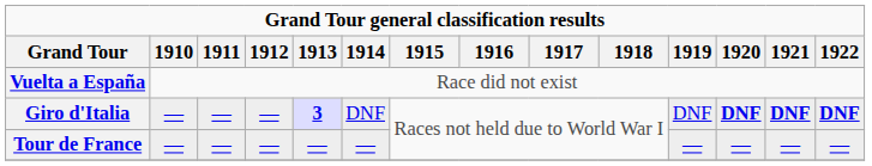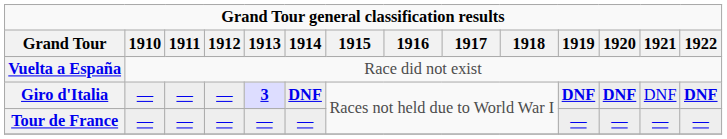 <table class="wikitable plainrowheaders">
 <tr>
 <td colspan=19 align="center"><strong>Grand Tour general classification results</strong></td>
 </tr>
 <tr>
 <th scope="col">Grand Tour</th>
 <th scope="col">1910</th>
 <th scope="col">1911</th>
 <th scope="col">1912</th>
 <th scope="col">1913</th>
 <th scope="col">1914</th>
 <th scope="col">1915</th>
 <th scope="col">1916</th>
 <th scope="col">1917</th>
 <th scope="col">1918</th>
 <th scope="col">1919</th>
 <th scope="col">1920</th>
 <th scope="col">1921</th>
 <th scope="col">1922</th>
 </tr>
 <tr style="text-align:center;">
 <th scope="row"> <a href='#'>Vuelta a España</a></th>
 <td style="color:#4d4d4d;" colspan=13>Race did not exist</td>
 </tr>
 <tr style="text-align:center;">
 <th scope="row"> <a href='#'>Giro d'Italia</a></th>
 <td style="background:#eee;"><a href='#'>—</a></td>
 <td style="background:#eee;"><a href='#'>—</a></td>
 <td style="background:#eee;"><a href='#'>—</a></td>
 <td style="background:#ddf;"><a href='#'><strong>3</strong></a></td>
-<td style="background:#eee;"><a href='#'>DNF</a></td>
+<td style="background:#eee;"><strong><a href='#'>DNF</a></strong></td>
 <td style="color:#4d4d4d;" colspan=4 rowspan=2>Races not held due to World War I</td>
-<td style="background:#eee;"><a href='#'>DNF</a></td>
 <td style="background:#eee;"><strong><a href='#'>DNF</a></strong></td>
 <td style="background:#eee;"><strong><a href='#'>DNF</a></strong></td>
+<td style="background:#eee;"><a href='#'>DNF</a></td>
 <td style="background:#eee;"><strong><a href='#'>DNF</a></strong></td>
 </tr>
 <tr style="text-align:center;">
 <th scope="row"> <a href='#'>Tour de France</a></th>
 <td style="background:#eee;"><a href='#'>—</a></td>
 <td style="background:#eee;"><a href='#'>—</a></td>
 <td style="background:#eee;"><a href='#'>—</a></td>
 <td style="background:#eee;"><a href='#'>—</a></td>
 <td style="background:#eee;"><a href='#'>—</a></td>
 <td style="background:#eee;"><a href='#'>—</a></td>
 <td style="background:#eee;"><a href='#'>—</a></td>
 <td style="background:#eee;"><a href='#'>—</a></td>
 <td style="background:#eee;"><a href='#'>—</a></td>
 </tr>
 <tr>
 </tr>
 </table>
